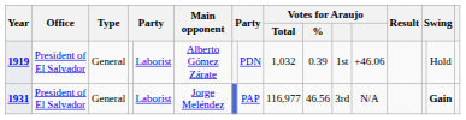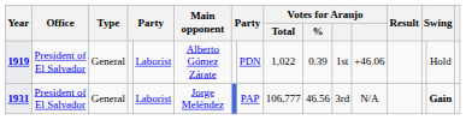 <table class="wikitable" style="font-size:90%; text-align:center;">
 <tr>
 <th rowspan="2">Year</th>
 <th rowspan="2">Office</th>
 <th rowspan="2">Type</th>
 <th colspan="2" rowspan="2">Party</th>
 <th rowspan="2">Main opponent</th>
 <th colspan="2" rowspan="2">Party</th>
 <th colspan="4">Votes for Araujo</th>
 <th rowspan="2">Result</th>
 <th colspan="2" rowspan="2">Swing</th>
 <th rowspan="2"></th>
 </tr>
 <tr>
 <th>Total</th>
 <th>%</th>
 <th></th>
 <th></th>
 </tr>
 <tr>
 <th style="background-color:#EAECF0;"><a href='#'>1919</a></th>
 <td><a href='#'>President of El Salvador</a></td>
 <td>General</td>
 <td style="background-color:"></td>
 <td><a href='#'>Laborist</a></td>
 <td><a href='#'>Alberto Gómez Zárate</a></td>
 <td style="background-color:"></td>
 <td><a href='#'>PDN</a></td>
-<td>1,032</td>
+<td>1,022</td>
 <td>0.39</td>
 <td>1st</td>
 <td>+46.06</td>
 <td></td>
 <td style="background-color:"></td>
 <td>Hold</td>
 <td></td>
 </tr>
 <tr>
 <th style="background-color:#EAECF0;"><a href='#'>1931</a></th>
 <td><a href='#'>President of El Salvador</a></td>
 <td>General</td>
 <td style="background-color:"></td>
 <td><a href='#'>Laborist</a></td>
 <td><a href='#'>Jorge Meléndez</a></td>
 <td style="background-color:#4168E1;"></td>
 <td><a href='#'>PAP</a></td>
-<td>116,977</td>
+<td>106,777</td>
 <td>46.56</td>
 <td>3rd</td>
 <td>N/A</td>
 <td></td>
 <td style="background-color:"></td>
 <td><strong>Gain</strong></td>
 <td></td>
 </tr>
 </table>
